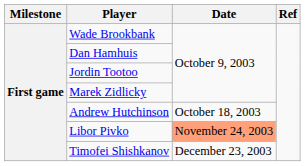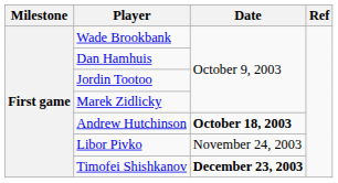 <table class="wikitable">
 <tr>
 <th scope="col">Milestone</th>
 <th scope="col">Player</th>
 <th scope="col">Date</th>
 <th scope="col">Ref</th>
 </tr>
 <tr>
 <th rowspan=7>First game</th>
 <td><a href='#'>Wade Brookbank</a></td>
 <td rowspan=4>October 9, 2003</td>
 <td rowspan=7></td>
 </tr>
 <tr>
 <td><a href='#'>Dan Hamhuis</a></td>
 </tr>
 <tr>
 <td><a href='#'>Jordin Tootoo</a></td>
 </tr>
 <tr>
 <td><a href='#'>Marek Zidlicky</a></td>
 </tr>
 <tr>
 <td><a href='#'>Andrew Hutchinson</a></td>
-<td>October 18, 2003</td>
+<td><strong>October 18, 2003</strong></td>
 </tr>
 <tr>
 <td><a href='#'>Libor Pivko</a></td>
-<td style="background: lightsalmon;">November 24, 2003</td>
+<td>November 24, 2003</td>
 </tr>
 <tr>
 <td><a href='#'>Timofei Shishkanov</a></td>
-<td>December 23, 2003</td>
+<td><strong>December 23, 2003</strong></td>
 </tr>
 </table>
